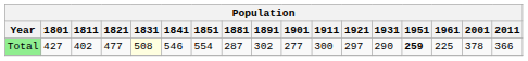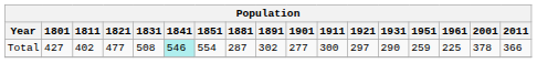 <table class="wikitable" style="margin: 1em auto 1em auto;">
 <tr>
 <th colspan="17">Population</th>
 </tr>
 <tr>
 <th>Year</th>
 <th>1801</th>
 <th>1811</th>
 <th>1821</th>
 <th>1831</th>
 <th>1841</th>
 <th>1851</th>
 <th>1881</th>
 <th>1891</th>
 <th>1901</th>
 <th>1911</th>
 <th>1921</th>
 <th>1931</th>
 <th>1951</th>
 <th>1961</th>
 <th>2001</th>
 <th>2011</th>
 </tr>
 <tr>
-<td style="background: lightgreen;">Total</td>
+<td>Total</td>
 <td>427</td>
 <td>402</td>
 <td>477</td>
-<td style="background: lightyellow;">508</td>
-<td>546</td>
+<td>508</td>
+<td style="background: paleturquoise;">546</td>
 <td>554</td>
 <td>287</td>
 <td>302</td>
 <td>277</td>
 <td>300</td>
 <td>297</td>
 <td>290</td>
-<td><strong>259</strong></td>
+<td>259</td>
 <td>225</td>
 <td>378</td>
 <td>366</td>
 </tr>
 <tr>
 </tr>
 </table>
